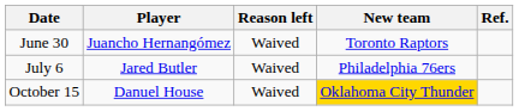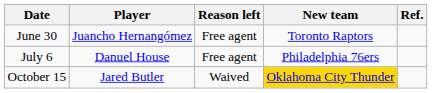 <table class="wikitable sortable sortable" style="text-align: center">
 <tr>
 <th>Date</th>
 <th>Player</th>
 <th>Reason left</th>
 <th>New team</th>
 <th>Ref.</th>
 </tr>
 <tr>
 <td>June 30</td>
 <td><a href='#'>Juancho Hernangómez</a></td>
-<td>Waived</td>
+<td>Free agent</td>
 <td><a href='#'>Toronto Raptors</a></td>
 <td></td>
 </tr>
 <tr>
 <td>July 6</td>
-<td><a href='#'>Jared Butler</a></td>
-<td>Waived</td>
+<td><a href='#'>Danuel House</a></td>
+<td>Free agent</td>
 <td><a href='#'>Philadelphia 76ers</a></td>
 <td></td>
 </tr>
 <tr>
 <td>October 15</td>
-<td><a href='#'>Danuel House</a></td>
+<td><a href='#'>Jared Butler</a></td>
 <td>Waived</td>
 <td style="background: gold;"><a href='#'>Oklahoma City Thunder</a></td>
 <td></td>
 </tr>
 </table>
